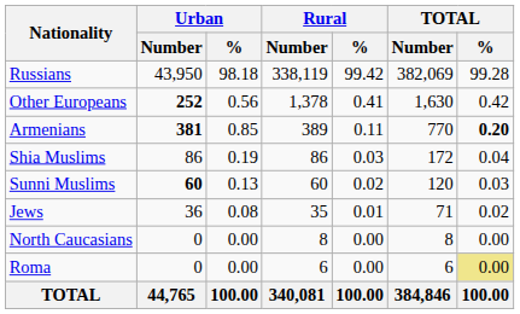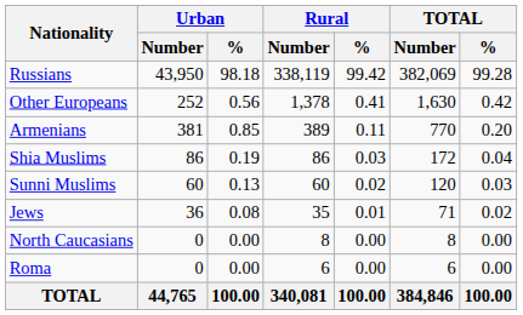 <table class="wikitable sortable">
 <tr>
 <th rowspan="2">Nationality</th>
 <th colspan="2"><a href='#'>Urban</a></th>
 <th colspan="2"><a href='#'>Rural</a></th>
 <th colspan="2">TOTAL</th>
 </tr>
 <tr>
 <th>Number</th>
 <th>%</th>
 <th>Number</th>
 <th>%</th>
 <th>Number</th>
 <th>%</th>
 </tr>
 <tr>
 <td><a href='#'>Russians</a></td>
 <td align="right">43,950</td>
 <td align="right">98.18</td>
 <td align="right">338,119</td>
 <td align="right">99.42</td>
 <td align="right">382,069</td>
 <td align="right">99.28</td>
 </tr>
 <tr>
 <td><a href='#'>Other Europeans</a></td>
-<td align="right"><strong>252</strong></td>
+<td align="right">252</td>
 <td align="right">0.56</td>
 <td align="right">1,378</td>
 <td align="right">0.41</td>
 <td align="right">1,630</td>
 <td align="right">0.42</td>
 </tr>
 <tr>
 <td><a href='#'>Armenians</a></td>
-<td align="right"><strong>381</strong></td>
+<td align="right">381</td>
 <td align="right">0.85</td>
 <td align="right">389</td>
 <td align="right">0.11</td>
 <td align="right">770</td>
-<td align="right"><strong>0.20</strong></td>
+<td align="right">0.20</td>
 </tr>
 <tr>
 <td><a href='#'>Shia Muslims</a></td>
 <td align="right">86</td>
 <td align="right">0.19</td>
 <td align="right">86</td>
 <td align="right">0.03</td>
 <td align="right">172</td>
 <td align="right">0.04</td>
 </tr>
 <tr>
 <td><a href='#'>Sunni Muslims</a></td>
-<td align="right"><strong>60</strong></td>
+<td align="right">60</td>
 <td align="right">0.13</td>
 <td align="right">60</td>
 <td align="right">0.02</td>
 <td align="right">120</td>
 <td align="right">0.03</td>
 </tr>
 <tr>
 <td><a href='#'>Jews</a></td>
 <td align="right">36</td>
 <td align="right">0.08</td>
 <td align="right">35</td>
 <td align="right">0.01</td>
 <td align="right">71</td>
 <td align="right">0.02</td>
 </tr>
 <tr>
 <td><a href='#'>North Caucasians</a></td>
 <td align="right">0</td>
 <td align="right">0.00</td>
 <td align="right">8</td>
 <td align="right">0.00</td>
 <td align="right">8</td>
 <td align="right">0.00</td>
 </tr>
 <tr>
 <td><a href='#'>Roma</a></td>
 <td align="right">0</td>
 <td align="right">0.00</td>
 <td align="right">6</td>
 <td align="right">0.00</td>
 <td align="right">6</td>
-<td align="right" style="background: khaki;">0.00</td>
+<td align="right">0.00</td>
 </tr>
 <tr>
 <th>TOTAL</th>
 <th>44,765</th>
 <th>100.00</th>
 <th>340,081</th>
 <th>100.00</th>
 <th>384,846</th>
 <th>100.00</th>
 </tr>
 </table>
